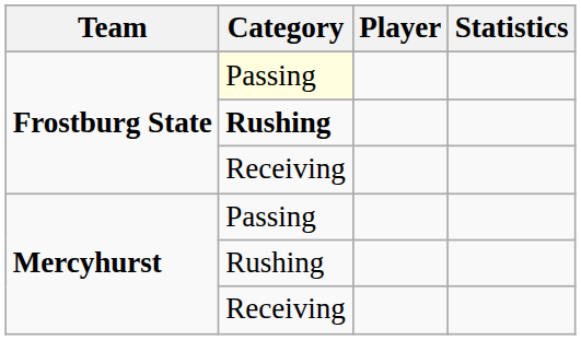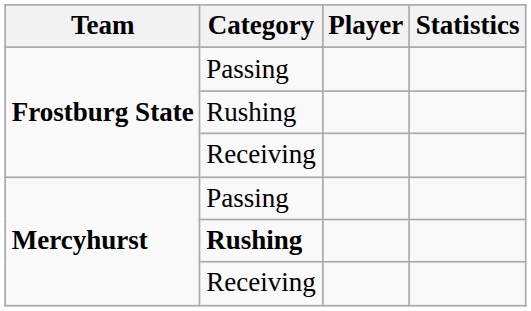 <table class="wikitable" style="float: right;">
 <tr>
 <th>Team</th>
 <th>Category</th>
 <th>Player</th>
 <th>Statistics</th>
 </tr>
 <tr>
 <td rowspan=3><strong>Frostburg State</strong></td>
-<td style="background: lightyellow;">Passing</td>
+<td>Passing</td>
 <td></td>
 <td></td>
 </tr>
 <tr>
-<td><strong>Rushing</strong></td>
+<td>Rushing</td>
 <td></td>
 <td></td>
 </tr>
 <tr>
 <td>Receiving</td>
 <td></td>
 <td></td>
 </tr>
 <tr>
 <td rowspan=3><strong>Mercyhurst</strong></td>
 <td>Passing</td>
 <td></td>
 <td></td>
 </tr>
 <tr>
-<td>Rushing</td>
+<td><strong>Rushing</strong></td>
 <td></td>
 <td></td>
 </tr>
 <tr>
 <td>Receiving</td>
 <td></td>
 <td></td>
 </tr>
 </table>
